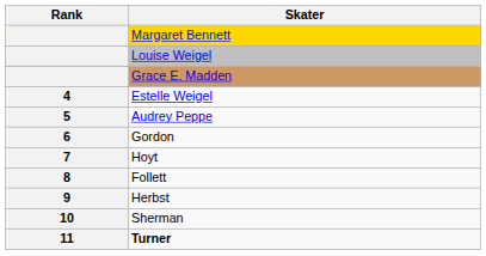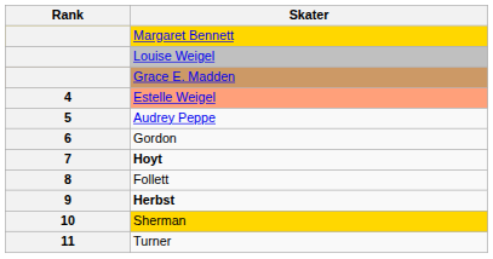 <table class="wikitable unsortable" style="text-align:left; width:30%">
 <tr>
 <th scope="col">Rank</th>
 <th scope="col">Skater</th>
 </tr>
 <tr bgcolor="gold">
 <th scope="row"></th>
 <td><a href='#'>Margaret Bennett</a></td>
 </tr>
 <tr bgcolor="silver">
 <th scope="row"></th>
 <td><a href='#'>Louise Weigel</a></td>
 </tr>
 <tr bgcolor="cc9966">
 <th scope="row"></th>
 <td><a href='#'>Grace E. Madden</a></td>
 </tr>
 <tr>
 <th scope="row">4</th>
-<td><a href='#'>Estelle Weigel</a></td>
+<td style="background: lightsalmon;"><a href='#'>Estelle Weigel</a></td>
 </tr>
 <tr>
 <th scope="row">5</th>
 <td><a href='#'>Audrey Peppe</a></td>
 </tr>
 <tr>
 <th scope="row">6</th>
 <td>Gordon</td>
 </tr>
 <tr>
 <th scope="row">7</th>
-<td>Hoyt</td>
+<td><strong>Hoyt</strong></td>
 </tr>
 <tr>
 <th scope="row">8</th>
 <td>Follett</td>
 </tr>
 <tr>
 <th scope="row">9</th>
-<td>Herbst</td>
+<td><strong>Herbst</strong></td>
 </tr>
 <tr>
 <th scope="row">10</th>
-<td>Sherman</td>
+<td style="background: gold;">Sherman</td>
 </tr>
 <tr>
 <th scope="row">11</th>
-<td><strong>Turner</strong></td>
+<td>Turner</td>
 </tr>
 </table>
